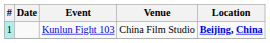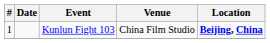 <table class="sortable wikitable succession-box" style="margin:1.0em auto; font-size:90%;">
 <tr>
 <th scope="col">#</th>
 <th scope="col">Date</th>
 <th scope="col">Event</th>
 <th scope="col">Venue</th>
 <th scope="col">Location</th>
 </tr>
 <tr>
-<td style="background: paleturquoise; text-align:center">1</td>
+<td style="text-align:center">1</td>
 <td></td>
 <td><a href='#'>Kunlun Fight 103</a></td>
 <td>China Film Studio</td>
 <td><strong> <a href='#'>Beijing</a>, <a href='#'>China</a></strong></td>
 </tr>
 <tr>
 </tr>
 </table>
